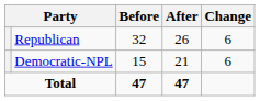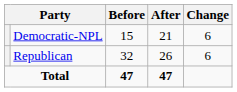 <table class="wikitable" style="text-align:center;">
 <tr>
 <th colspan="2">Party</th>
 <th>Before</th>
 <th>After</th>
 <th>Change</th>
 </tr>
 <tr>
 <th style="background-color:"></th>
-<td style="text-align:left;"><a href='#'>Republican</a></td>
-<td>32</td>
-<td>26</td>
+<td style="text-align:left;"><a href='#'>Democratic-NPL</a></td>
+<td>15</td>
+<td>21</td>
 <td> 6</td>
 </tr>
 <tr>
 <th style="background-color:"></th>
-<td style="text-align:left;"><a href='#'>Democratic-NPL</a></td>
-<td>15</td>
-<td>21</td>
+<td style="text-align:left;"><a href='#'>Republican</a></td>
+<td>32</td>
+<td>26</td>
 <td> 6</td>
 </tr>
 <tr>
 <td colspan="2"><strong>Total</strong></td>
 <td><strong>47</strong></td>
 <td><strong>47</strong></td>
 <td></td>
 </tr>
 </table>
